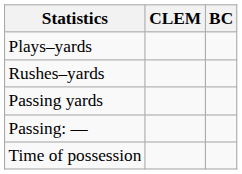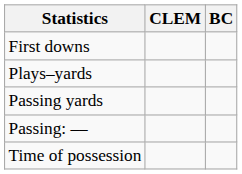 <table class="wikitable" style="float:left">
 <tr>
 <th>Statistics</th>
 <th>CLEM</th>
 <th>BC</th>
 </tr>
 <tr>
-<td>Plays–yards</td>
+<td>First downs</td>
 <td></td>
 <td></td>
 </tr>
 <tr>
-<td>Rushes–yards</td>
+<td>Plays–yards</td>
 <td></td>
 <td></td>
 </tr>
 <tr>
 <td>Passing yards</td>
 <td></td>
 <td></td>
 </tr>
 <tr>
 <td>Passing: ––</td>
 <td></td>
 <td></td>
 </tr>
 <tr>
 <td>Time of possession</td>
 <td></td>
 <td></td>
 </tr>
 </table>
